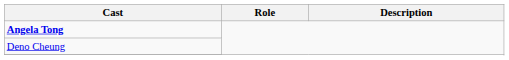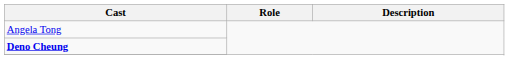 <table class="wikitable" width="60%">
 <tr>
 <th>Cast</th>
 <th>Role</th>
 <th>Description</th>
 </tr>
 <tr>
-<td><strong><a href='#'>Angela Tong</a></strong></td>
+<td><a href='#'>Angela Tong</a></td>
 </tr>
 <tr>
-<td><a href='#'>Deno Cheung</a></td>
+<td><strong><a href='#'>Deno Cheung</a></strong></td>
 </tr>
 <tr>
 </tr>
 </table>
